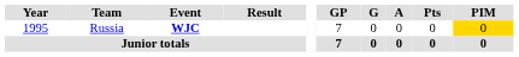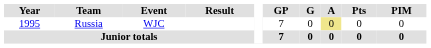 <table border="0" cellpadding="1" cellspacing="0" style="text-align:center; width:40em">
 <tr align="center" bgcolor="#e0e0e0">
 <th>Year</th>
 <th>Team</th>
 <th>Event</th>
 <th>Result</th>
 <th rowspan="99" bgcolor="#ffffff"> </th>
 <th>GP</th>
 <th>G</th>
 <th>A</th>
 <th>Pts</th>
 <th>PIM</th>
 </tr>
 <tr align="center">
 <td><a href='#'>1995</a></td>
 <td><a href='#'>Russia</a></td>
-<td><strong><a href='#'>WJC</a></strong></td>
+<td><a href='#'>WJC</a></td>
 <td></td>
 <td>7</td>
 <td>0</td>
+<td style="background: khaki;">0</td>
 <td>0</td>
 <td>0</td>
-<td style="background: gold;">0</td>
 </tr>
 <tr bgcolor="#e0e0e0">
 <th colspan="4">Junior totals</th>
 <th>7</th>
 <th>0</th>
 <th>0</th>
 <th>0</th>
 <th>0</th>
 </tr>
 </table>
